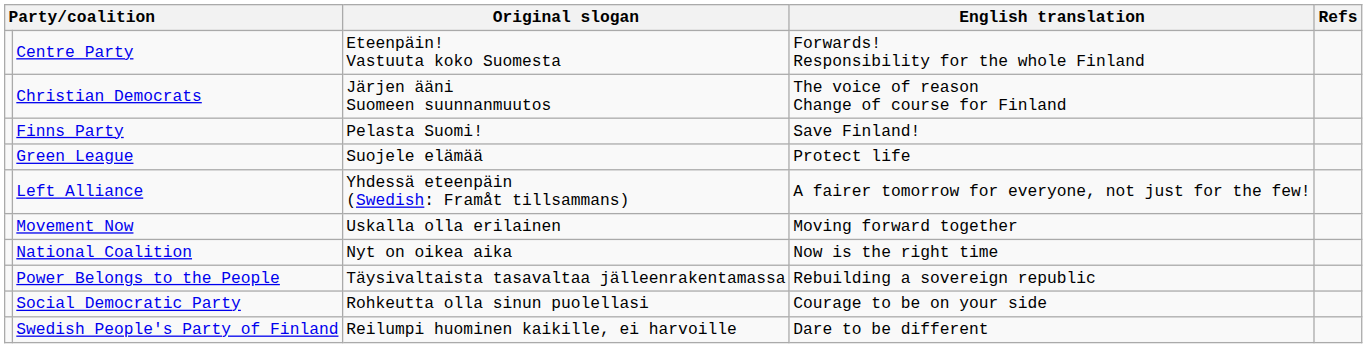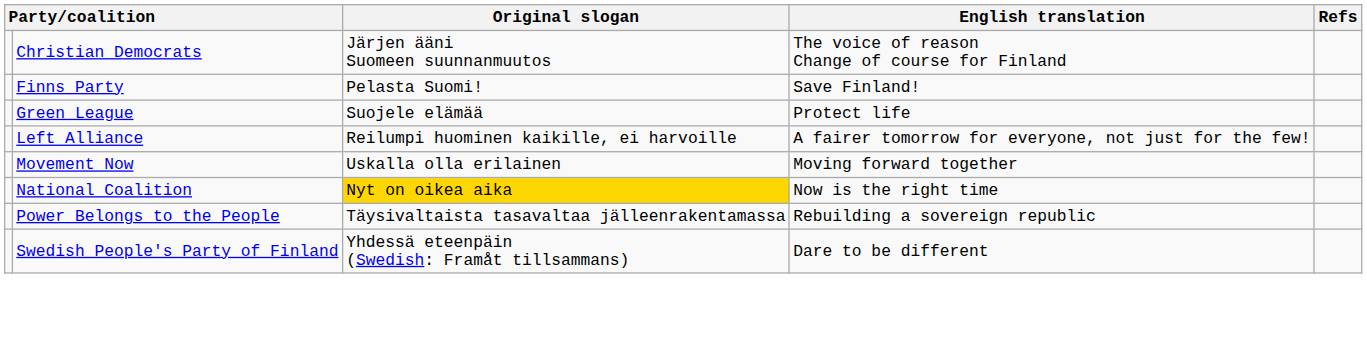 <table class="wikitable" style="font-size:97%; text-align:left">
 <tr>
 <th colspan="2" style="text-align:left;">Party/coalition</th>
 <th>Original slogan</th>
 <th>English translation</th>
 <th>Refs</th>
-</tr>
-<tr>
-<td style="background:"></td>
-<td><a href='#'>Centre Party</a></td>
-<td>Eteenpäin!<br>Vastuuta koko Suomesta</td>
-<td>Forwards!<br>Responsibility for the whole Finland</td>
-<td></td>
 </tr>
 <tr>
 <td style="background:"></td>
 <td><a href='#'>Christian Democrats</a></td>
 <td>Järjen ääni<br>Suomeen suunnanmuutos</td>
 <td>The voice of reason<br>Change of course for Finland</td>
 <td></td>
 </tr>
 <tr>
 <td style="background:"></td>
 <td><a href='#'>Finns Party</a></td>
 <td>Pelasta Suomi!</td>
 <td>Save Finland!</td>
 <td></td>
 </tr>
 <tr>
 <td style="background:"></td>
 <td><a href='#'>Green League</a></td>
 <td>Suojele elämää</td>
 <td>Protect life</td>
 <td></td>
 </tr>
 <tr>
 <td style="background:"></td>
 <td><a href='#'>Left Alliance</a></td>
-<td>Yhdessä eteenpäin<br>(<a href='#'>Swedish</a>: Framåt tillsammans)</td>
+<td>Reilumpi huominen kaikille, ei harvoille</td>
 <td>A fairer tomorrow for everyone, not just for the few!</td>
 <td></td>
 </tr>
 <tr>
 <td style="background:"></td>
 <td><a href='#'>Movement Now</a></td>
 <td>Uskalla olla erilainen</td>
 <td>Moving forward together</td>
 <td></td>
 </tr>
 <tr>
 <td style="background:"></td>
 <td><a href='#'>National Coalition</a></td>
-<td>Nyt on oikea aika</td>
+<td style="background: gold;">Nyt on oikea aika</td>
 <td>Now is the right time</td>
 <td></td>
 </tr>
 <tr>
 <td style="background:"></td>
 <td><a href='#'>Power Belongs to the People</a></td>
 <td>Täysivaltaista tasavaltaa jälleenrakentamassa</td>
 <td>Rebuilding a sovereign republic</td>
 <td></td>
 </tr>
 <tr>
 <td style="background:"></td>
-<td><a href='#'>Social Democratic Party</a></td>
-<td>Rohkeutta olla sinun puolellasi</td>
-<td>Courage to be on your side</td>
-<td></td>
-</tr>
-<tr>
-<td style="background:"></td>
 <td><a href='#'>Swedish People's Party of Finland</a></td>
-<td>Reilumpi huominen kaikille, ei harvoille</td>
+<td>Yhdessä eteenpäin<br>(<a href='#'>Swedish</a>: Framåt tillsammans)</td>
 <td>Dare to be different</td>
 <td></td>
 </tr>
 </table>
